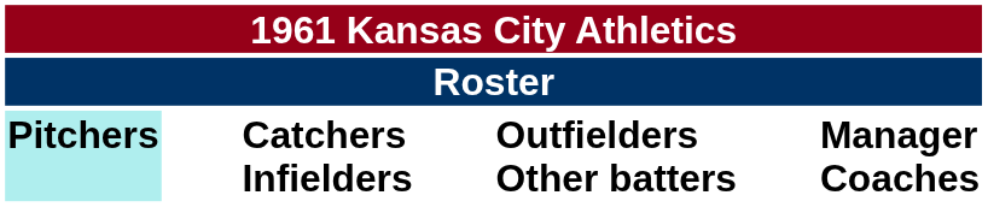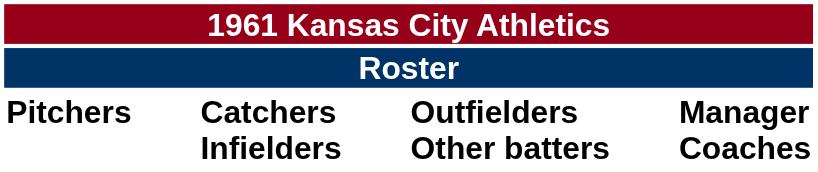 <table class="toccolours" style="font-size: 95%;">
 <tr>
 <th colspan="10" style="background:#960018; color:white; text-align:center;">1961 Kansas City Athletics</th>
 </tr>
 <tr>
 <td colspan="10" style="background:#003366; color:white; text-align:center;"><strong>Roster</strong></td>
 </tr>
 <tr>
-<td valign="top" style="background: paleturquoise;"><strong>Pitchers</strong><br>                     </td>
+<td valign="top"><strong>Pitchers</strong><br>                     </td>
 <td style="width:25px;"></td>
 <td valign="top"><strong>Catchers</strong><br>    <strong>Infielders</strong>           </td>
 <td style="width:25px;"></td>
 <td valign="top"><strong>Outfielders</strong><br>              <strong>Other batters</strong> </td>
 <td style="width:25px;"></td>
 <td valign="top"><strong>Manager</strong><br>  <strong>Coaches</strong>     </td>
 </tr>
 </table>
